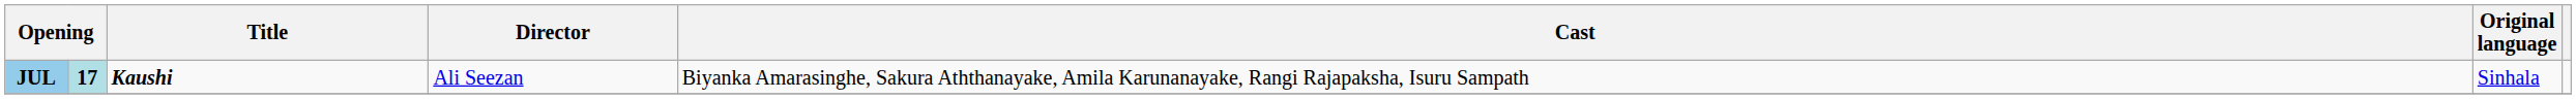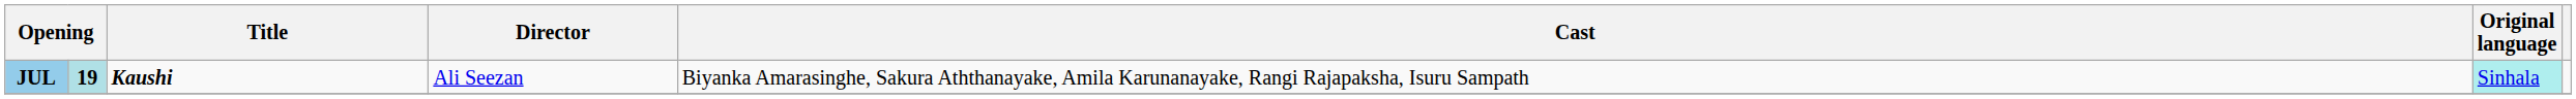 <table class="wikitable plainrowheaders" width="100%">
 <tr>
 <th scope="col" colspan="2" width="4%">Opening</th>
 <th scope="col" width="13%">Title</th>
 <th scope="col" width="10%">Director</th>
 <th scope="col" width="75%">Cast</th>
 <th scope="col" width="13%">Original language</th>
 <th scope="col" width="2%"></th>
 </tr>
 <tr>
 <td style="text-align:center; background:#93CCEA; textcolor:#000;"><strong>JUL</strong></td>
-<td style="text-align:center; background:#B0E0E6;"><strong>17</strong></td>
+<td style="text-align:center; background:#B0E0E6;"><strong>19</strong></td>
 <td><strong><em>Kaushi</em></strong></td>
 <td><a href='#'>Ali Seezan</a></td>
 <td>Biyanka Amarasinghe, Sakura Aththanayake, Amila Karunanayake, Rangi Rajapaksha, Isuru Sampath</td>
-<td><a href='#'>Sinhala</a></td>
+<td style="background: paleturquoise;"><a href='#'>Sinhala</a></td>
 <td style="text-align:center;"></td>
 </tr>
 <tr>
 </tr>
 </table>
